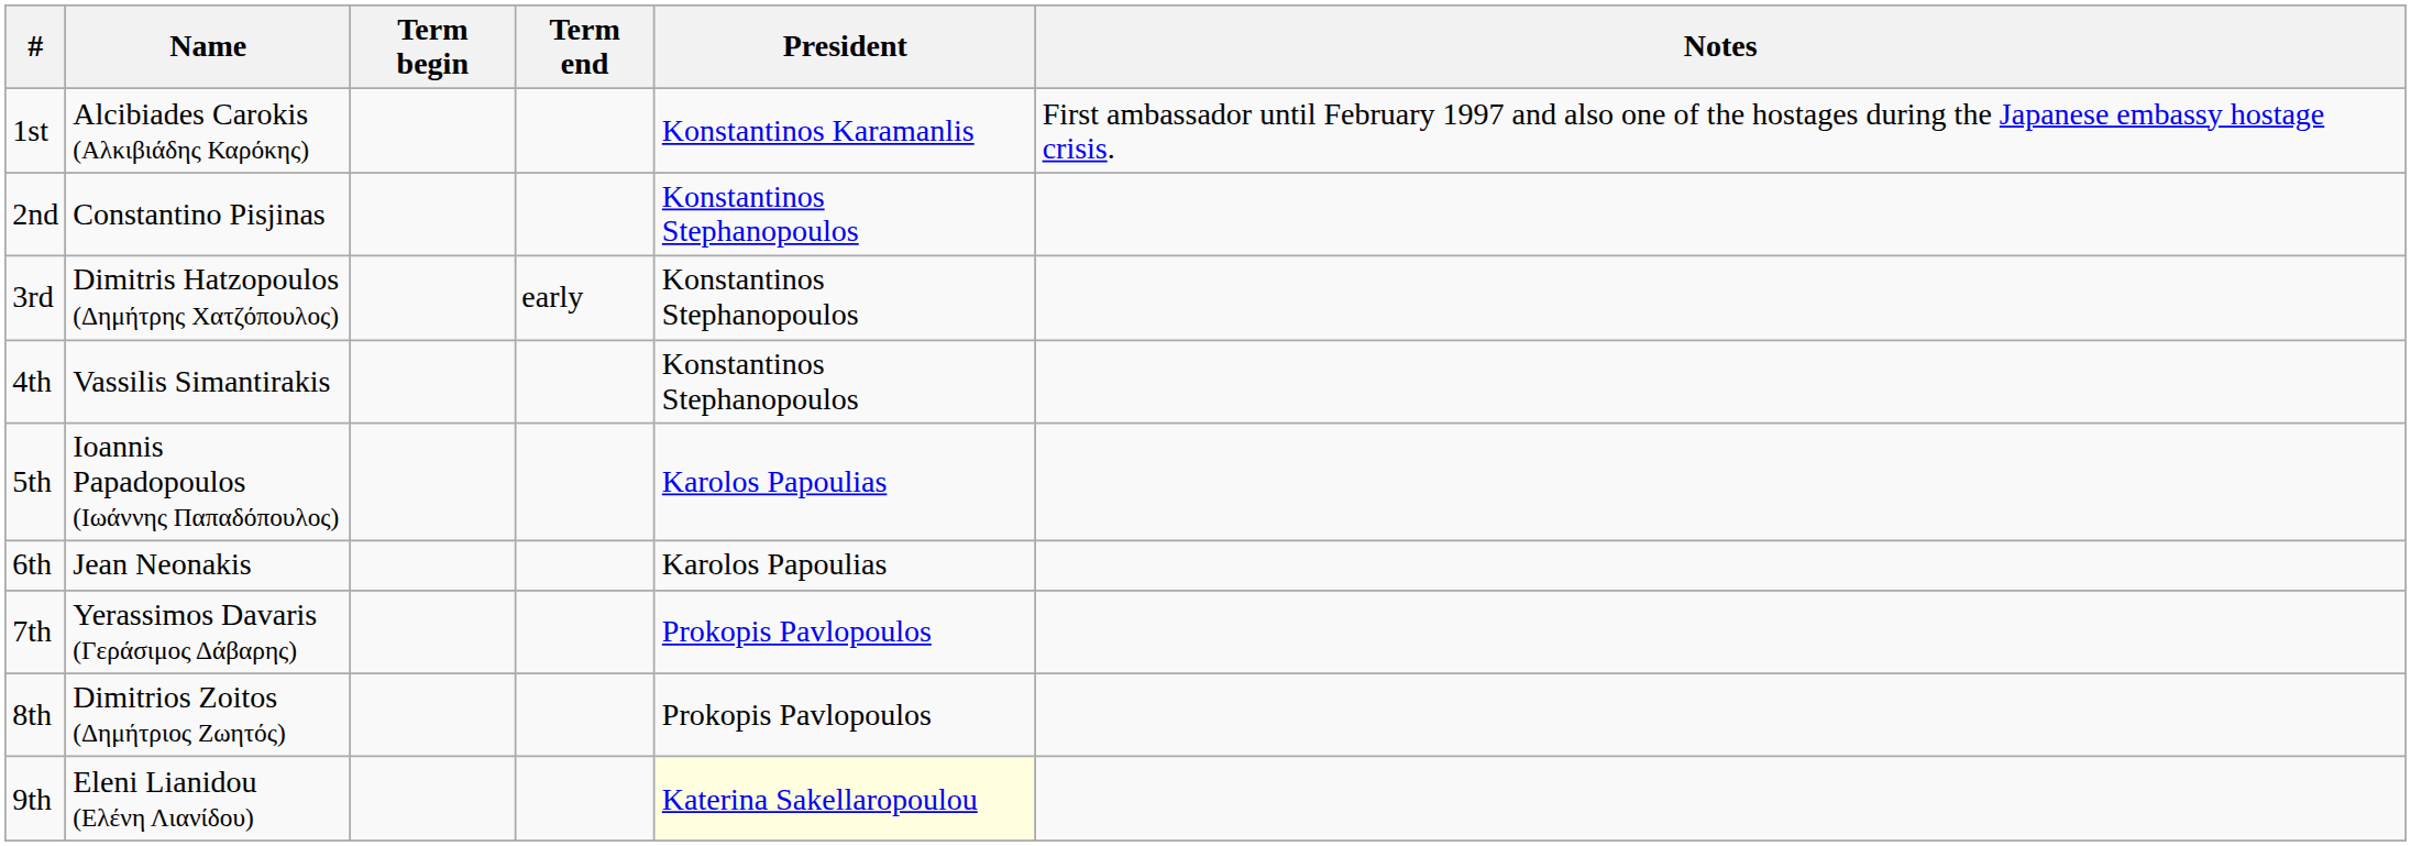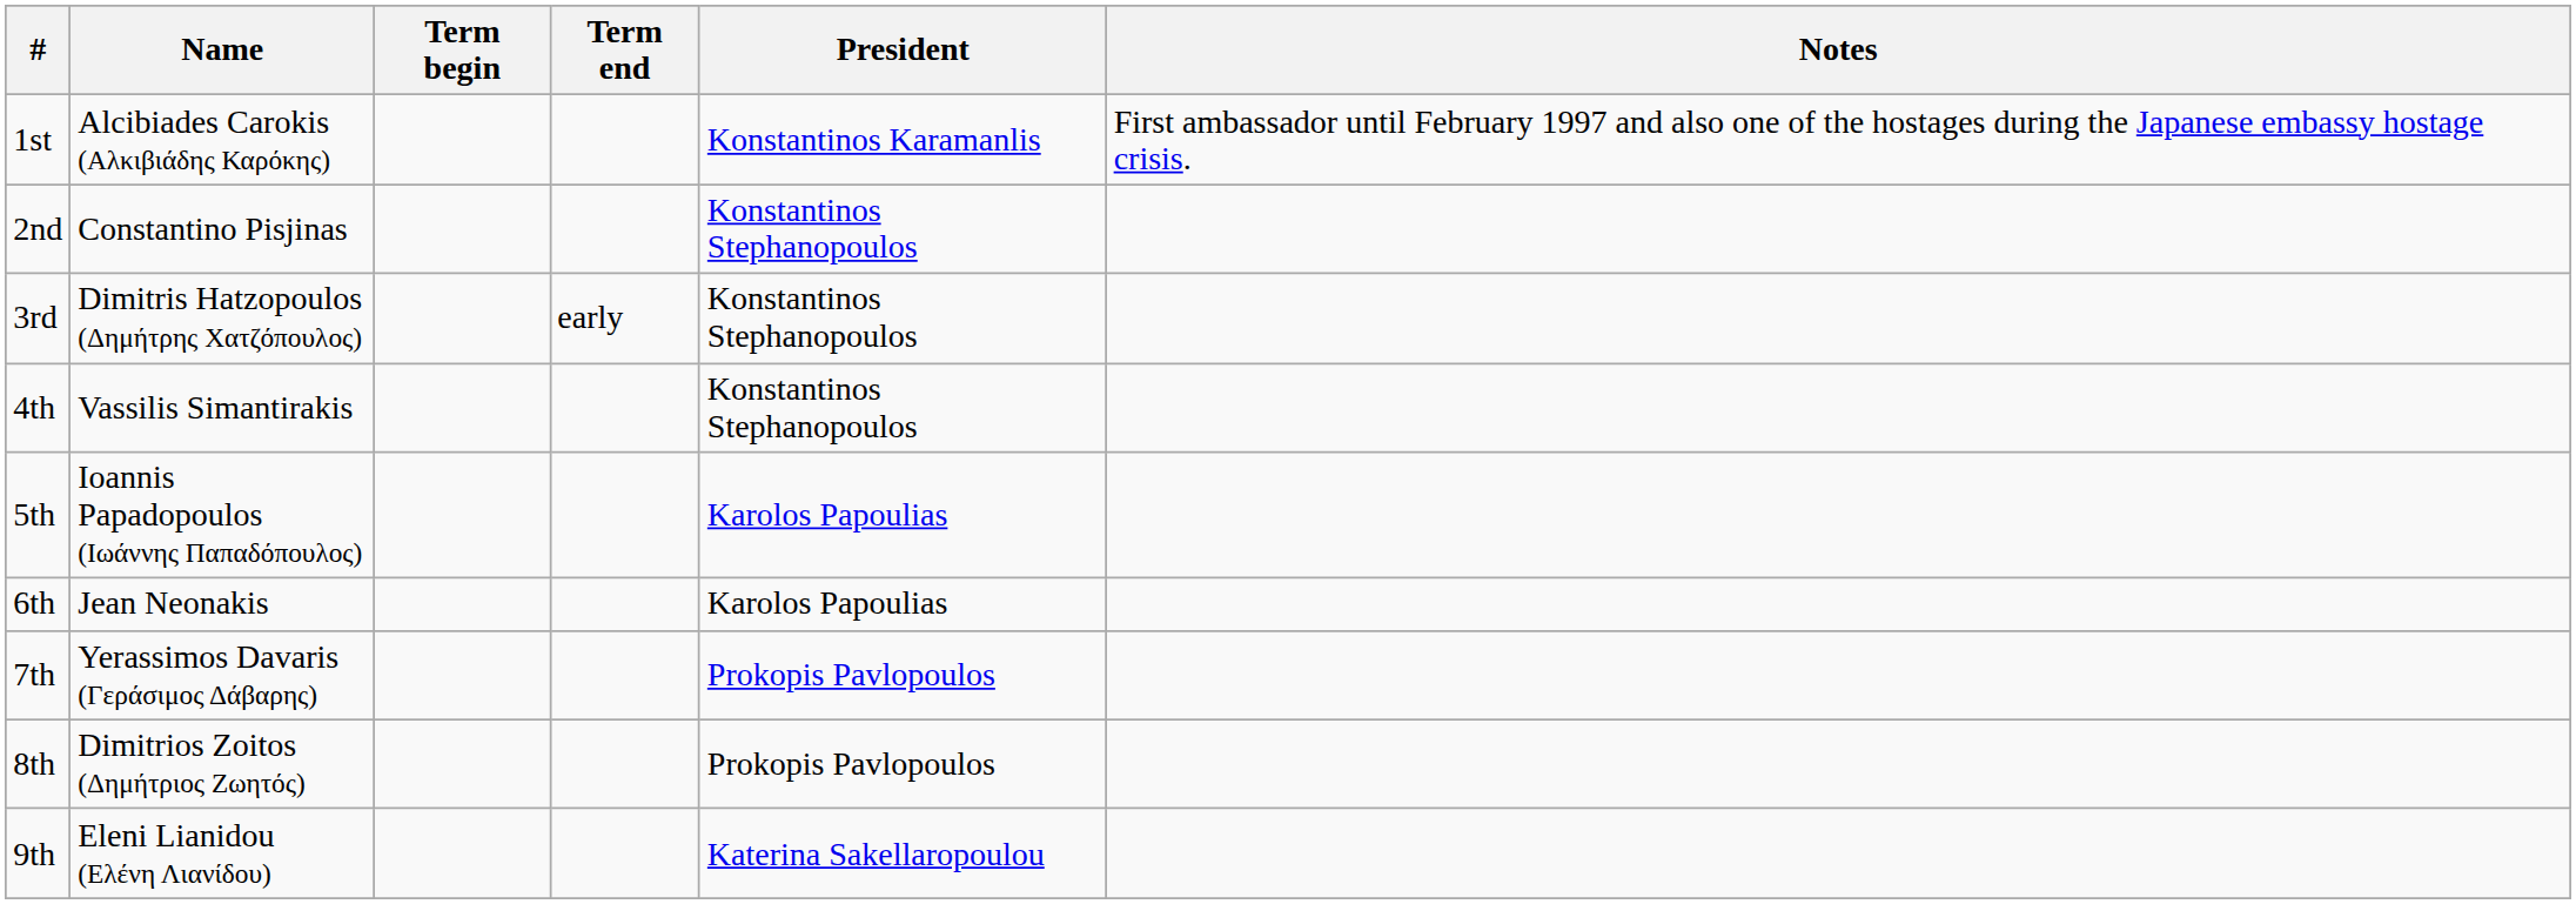 <table class="wikitable sortable"  text-align:center;">
 <tr>
 <th>#</th>
 <th>Name</th>
 <th>Term begin</th>
 <th>Term end</th>
 <th>President</th>
 <th class="unsortable">Notes</th>
 </tr>
 <tr>
 <td>1st</td>
 <td>Alcibiades Carokis<br><small>(Αλκιβιάδης Καρόκης)</small></td>
 <td></td>
 <td></td>
 <td><a href='#'>Konstantinos Karamanlis</a></td>
 <td>First ambassador until February 1997 and also one of the hostages during the <a href='#'>Japanese embassy hostage crisis</a>.</td>
 </tr>
 <tr>
 <td>2nd</td>
 <td>Constantino Pisjinas</td>
 <td></td>
 <td></td>
 <td><a href='#'>Konstantinos Stephanopoulos</a></td>
 <td></td>
 </tr>
 <tr>
 <td>3rd</td>
 <td>Dimitris Hatzopoulos<br><small>(Δημήτρης Χατζόπουλος)</small></td>
 <td></td>
 <td>early </td>
 <td>Konstantinos Stephanopoulos</td>
 <td></td>
 </tr>
 <tr>
 <td>4th</td>
 <td>Vassilis Simantirakis</td>
 <td></td>
 <td></td>
 <td>Konstantinos Stephanopoulos</td>
 <td></td>
 </tr>
 <tr>
 <td>5th</td>
 <td>Ioannis Papadopoulos<br><small>(Ιωάννης Παπαδόπουλος)</small></td>
 <td></td>
 <td></td>
 <td><a href='#'>Karolos Papoulias</a></td>
 <td></td>
 </tr>
 <tr>
 <td>6th</td>
 <td>Jean Neonakis</td>
 <td></td>
 <td></td>
 <td>Karolos Papoulias</td>
 <td></td>
 </tr>
 <tr>
 <td>7th</td>
 <td>Yerassimos Davaris<br><small>(Γεράσιμος Δάβαρης)</small></td>
 <td></td>
 <td></td>
 <td><a href='#'>Prokopis Pavlopoulos</a></td>
 <td></td>
 </tr>
 <tr>
 <td>8th</td>
 <td>Dimitrios Zoitos<br><small>(Δημήτριος Ζωητός)</small></td>
 <td></td>
 <td></td>
 <td>Prokopis Pavlopoulos</td>
 <td></td>
 </tr>
 <tr>
 <td>9th</td>
 <td>Eleni Lianidou<br><small>(Ελένη Λιανίδου)</small></td>
 <td></td>
 <td></td>
-<td style="background: lightyellow;"><a href='#'>Katerina Sakellaropoulou</a></td>
+<td><a href='#'>Katerina Sakellaropoulou</a></td>
 <td></td>
 </tr>
 <tr>
 </tr>
 </table>
